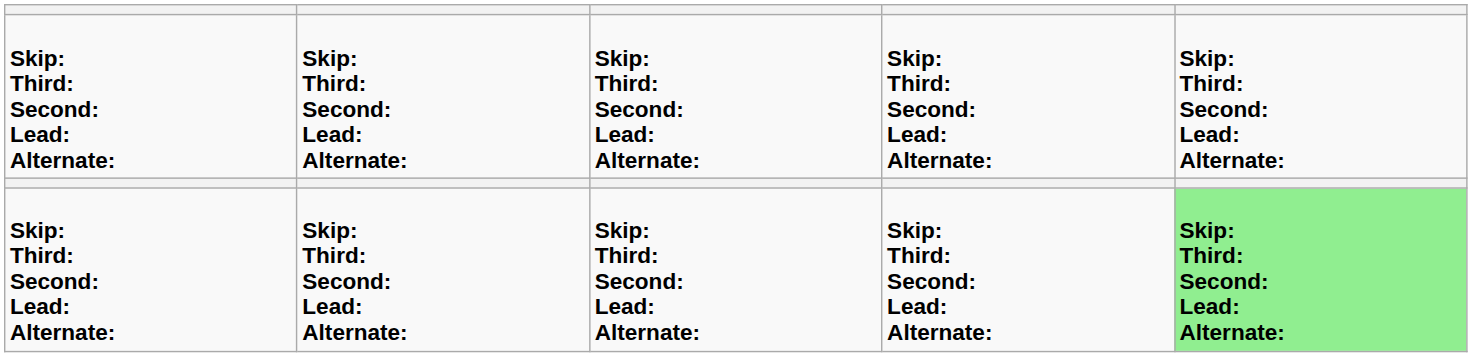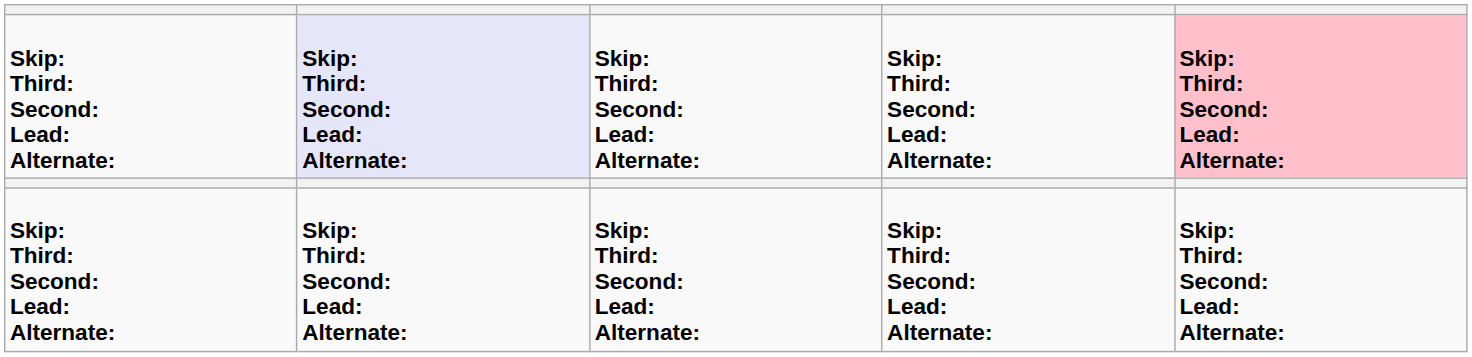 <table class="wikitable">
+<tr>
+<th width=200></th>
+<th width=200></th>
+<th width=200></th>
+<th width=200></th>
+<th width=200></th>
+</tr>
+<tr>
+<td><br><strong>Skip:</strong> <br> <strong>Third:</strong> <br> <strong>Second:</strong> <br> <strong>Lead:</strong> <br> <strong>Alternate:</strong></td>
+<td style="background: lavender;"><br><strong>Skip:</strong> <br> <strong>Third:</strong> <br> <strong>Second:</strong> <br> <strong>Lead:</strong> <br> <strong>Alternate:</strong></td>
+<td><br><strong>Skip:</strong> <br> <strong>Third:</strong> <br> <strong>Second:</strong> <br> <strong>Lead:</strong> <br> <strong>Alternate:</strong></td>
+<td><br><strong>Skip:</strong> <br> <strong>Third:</strong> <br> <strong>Second:</strong> <br> <strong>Lead:</strong> <br> <strong>Alternate:</strong></td>
+<td style="background: pink;"><br><strong>Skip:</strong> <br> <strong>Third:</strong> <br> <strong>Second:</strong> <br> <strong>Lead:</strong> <br> <strong>Alternate:</strong></td>
+</tr>
 <tr>
 <th width=200></th>
 <th width=200></th>
 <th width=200></th>
 <th width=200></th>
 <th width=200></th>
 </tr>
 <tr>
 <td><br><strong>Skip:</strong> <br> <strong>Third:</strong> <br> <strong>Second:</strong> <br> <strong>Lead:</strong> <br> <strong>Alternate:</strong></td>
 <td><br><strong>Skip:</strong> <br> <strong>Third:</strong> <br> <strong>Second:</strong> <br> <strong>Lead:</strong> <br> <strong>Alternate:</strong></td>
 <td><br><strong>Skip:</strong> <br> <strong>Third:</strong> <br> <strong>Second:</strong> <br> <strong>Lead:</strong> <br> <strong>Alternate:</strong></td>
 <td><br><strong>Skip:</strong> <br> <strong>Third:</strong> <br> <strong>Second:</strong> <br> <strong>Lead:</strong> <br> <strong>Alternate:</strong></td>
 <td><br><strong>Skip:</strong> <br> <strong>Third:</strong> <br> <strong>Second:</strong> <br> <strong>Lead:</strong> <br> <strong>Alternate:</strong></td>
 </tr>
-<tr>
-<th width=200></th>
-<th width=200></th>
-<th width=200></th>
-<th width=200></th>
-<th width=200></th>
-</tr>
-<tr>
-<td><br><strong>Skip:</strong> <br> <strong>Third:</strong> <br> <strong>Second:</strong> <br> <strong>Lead:</strong> <br> <strong>Alternate:</strong></td>
-<td><br><strong>Skip:</strong> <br> <strong>Third:</strong> <br> <strong>Second:</strong> <br> <strong>Lead:</strong> <br> <strong>Alternate:</strong></td>
-<td><br><strong>Skip:</strong> <br> <strong>Third:</strong> <br> <strong>Second:</strong> <br> <strong>Lead:</strong> <br> <strong>Alternate:</strong></td>
-<td><br><strong>Skip:</strong> <br> <strong>Third:</strong> <br> <strong>Second:</strong> <br> <strong>Lead:</strong> <br> <strong>Alternate:</strong></td>
-<td style="background: lightgreen;"><br><strong>Skip:</strong> <br> <strong>Third:</strong> <br> <strong>Second:</strong> <br> <strong>Lead:</strong> <br> <strong>Alternate:</strong></td>
-</tr>
 </table>
